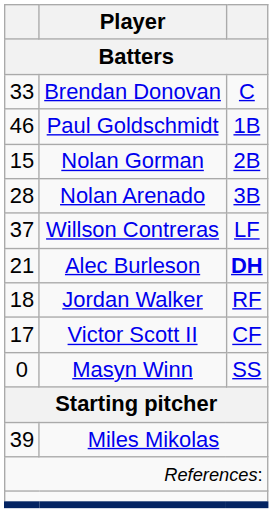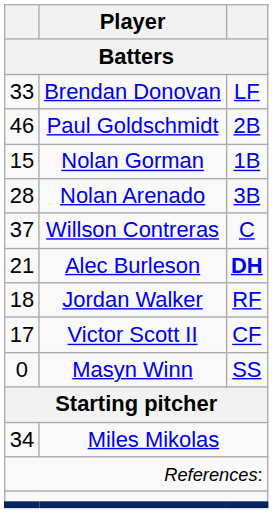 <table class="wikitable" style="text-align:center">
 <tr>
 <th></th>
 <th>Player</th>
 <th></th>
 </tr>
 <tr>
 <th colspan="3">Batters</th>
 </tr>
 <tr>
 <td>33</td>
 <td><a href='#'>Brendan Donovan</a></td>
-<td><a href='#'>C</a></td>
+<td><a href='#'>LF</a></td>
 </tr>
 <tr>
 <td>46</td>
 <td><a href='#'>Paul Goldschmidt</a></td>
-<td><a href='#'>1B</a></td>
+<td><a href='#'>2B</a></td>
 </tr>
 <tr>
 <td>15</td>
 <td><a href='#'>Nolan Gorman</a></td>
-<td><a href='#'>2B</a></td>
+<td><a href='#'>1B</a></td>
 </tr>
 <tr>
 <td>28</td>
 <td><a href='#'>Nolan Arenado</a></td>
 <td><a href='#'>3B</a></td>
 </tr>
 <tr>
 <td>37</td>
 <td><a href='#'>Willson Contreras</a></td>
-<td><a href='#'>LF</a></td>
+<td><a href='#'>C</a></td>
 </tr>
 <tr>
 <td>21</td>
 <td><a href='#'>Alec Burleson</a></td>
 <td><strong><a href='#'>DH</a></strong></td>
 </tr>
 <tr>
 <td>18</td>
 <td><a href='#'>Jordan Walker</a></td>
 <td><a href='#'>RF</a></td>
 </tr>
 <tr>
 <td>17</td>
 <td><a href='#'>Victor Scott II</a></td>
 <td><a href='#'>CF</a></td>
 </tr>
 <tr>
 <td>0</td>
 <td><a href='#'>Masyn Winn</a></td>
 <td><a href='#'>SS</a></td>
 </tr>
 <tr>
 <th colspan="4">Starting pitcher</th>
 </tr>
 <tr>
-<td>39</td>
+<td>34</td>
 <td colspan="2"><a href='#'>Miles Mikolas</a></td>
 </tr>
 <tr>
 <td colspan="3" style="text-align:right" ;><small><em>References</em>:</small></td>
 </tr>
 <tr>
 <td colspan="3" style="border-bottom:#042462 5px solid;"></td>
 </tr>
 </table>
